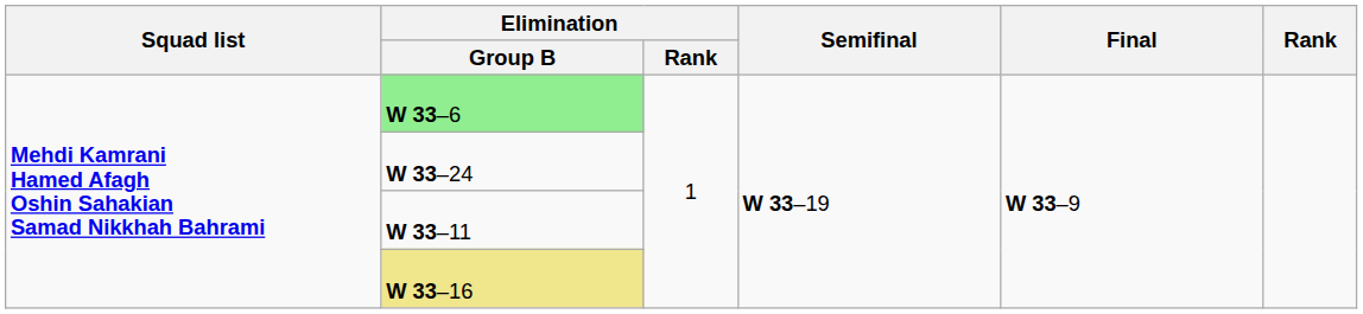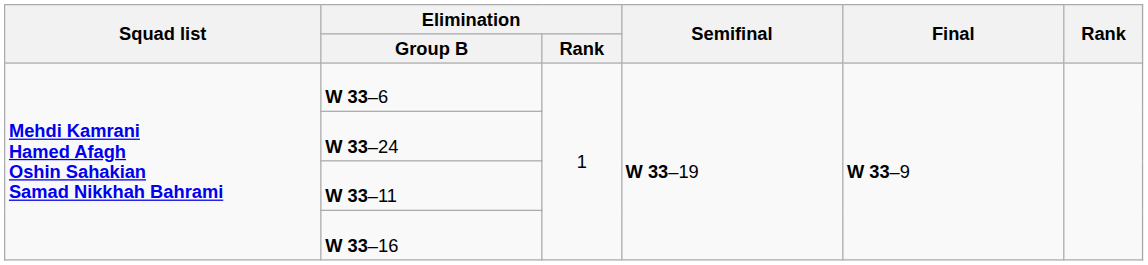 <table class="wikitable" width="71%" style="text-align:left; font-size:90%">
 <tr>
 <th rowspan="2" width="20%">Squad list</th>
 <th colspan="2">Elimination</th>
 <th rowspan="2" width="14%">Semifinal</th>
 <th rowspan="2" width="14%">Final</th>
 <th rowspan="2" width="5%">Rank</th>
 </tr>
 <tr>
 <th width="14%">Group B</th>
 <th width="5%">Rank</th>
 </tr>
 <tr>
 <td rowspan="4"><strong><a href='#'>Mehdi Kamrani</a><br><a href='#'>Hamed Afagh</a><br><a href='#'>Oshin Sahakian</a><br><a href='#'>Samad Nikkhah Bahrami</a></strong></td>
-<td style="background: lightgreen;"><br><strong>W</strong> <strong>33</strong>–6</td>
+<td><br><strong>W</strong> <strong>33</strong>–6</td>
 <td rowspan="4" align=center>1 <strong></strong></td>
 <td rowspan="4"><br><strong>W</strong> <strong>33</strong>–19</td>
 <td rowspan="4"><br><strong>W</strong> <strong>33</strong>–9</td>
 <td rowspan="4" align="center"></td>
 </tr>
 <tr>
 <td><br><strong>W</strong> <strong>33</strong>–24</td>
 </tr>
 <tr>
 <td><br><strong>W</strong> <strong>33</strong>–11</td>
 </tr>
 <tr>
-<td style="background: khaki;"><br><strong>W</strong> <strong>33</strong>–16</td>
+<td><br><strong>W</strong> <strong>33</strong>–16</td>
 </tr>
 </table>
